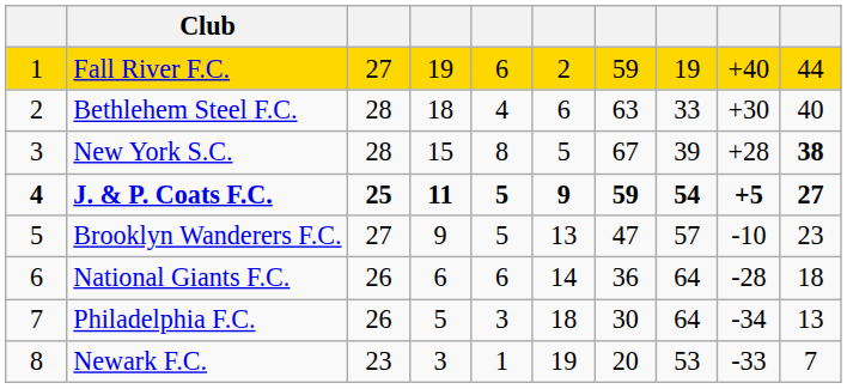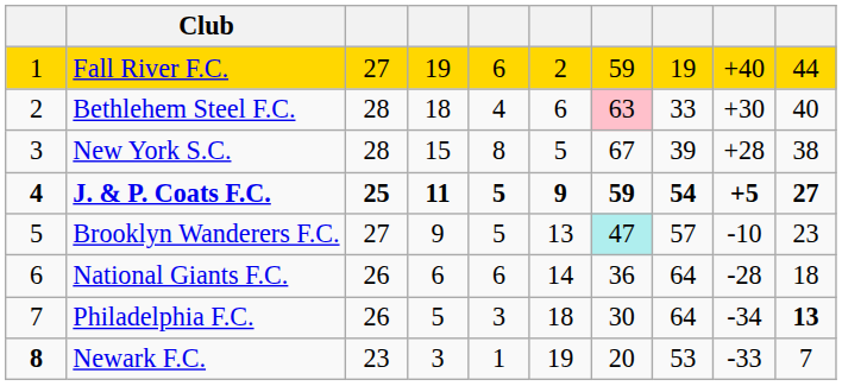 <table class="wikitable" style="text-align:center">
 <tr>
 <th width=30></th>
 <th>Club</th>
 <th width=30></th>
 <th width=30></th>
 <th width=30></th>
 <th width=30></th>
 <th width=30></th>
 <th width=30></th>
 <th width=30></th>
 <th width=30></th>
 </tr>
 <tr bgcolor="gold">
 <td>1</td>
 <td align=left><a href='#'>Fall River F.C.</a></td>
 <td>27</td>
 <td>19</td>
 <td>6</td>
 <td>2</td>
 <td>59</td>
 <td>19</td>
 <td>+40</td>
 <td>44</td>
 </tr>
 <tr>
 <td>2</td>
 <td align=left><a href='#'>Bethlehem Steel F.C.</a></td>
 <td>28</td>
 <td>18</td>
 <td>4</td>
 <td>6</td>
-<td>63</td>
+<td style="background: pink;">63</td>
 <td>33</td>
 <td>+30</td>
 <td>40</td>
 </tr>
 <tr>
 <td>3</td>
 <td align=left><a href='#'>New York S.C.</a></td>
 <td>28</td>
 <td>15</td>
 <td>8</td>
 <td>5</td>
 <td>67</td>
 <td>39</td>
 <td>+28</td>
-<td><strong>38</strong></td>
+<td>38</td>
 </tr>
 <tr>
 <td><strong>4</strong></td>
 <td align=left><strong><a href='#'>J. & P. Coats F.C.</a></strong></td>
 <td><strong>25</strong></td>
 <td><strong>11</strong></td>
 <td><strong>5</strong></td>
 <td><strong>9</strong></td>
 <td><strong>59</strong></td>
 <td><strong>54</strong></td>
 <td><strong>+5</strong></td>
 <td><strong>27</strong></td>
 </tr>
 <tr>
 <td>5</td>
 <td align=left><a href='#'>Brooklyn Wanderers F.C.</a></td>
 <td>27</td>
 <td>9</td>
 <td>5</td>
 <td>13</td>
-<td>47</td>
+<td style="background: paleturquoise;">47</td>
 <td>57</td>
 <td>-10</td>
 <td>23</td>
 </tr>
 <tr>
 <td>6</td>
 <td align=left><a href='#'>National Giants F.C.</a></td>
 <td>26</td>
 <td>6</td>
 <td>6</td>
 <td>14</td>
 <td>36</td>
 <td>64</td>
 <td>-28</td>
 <td>18</td>
 </tr>
 <tr>
 <td>7</td>
 <td align=left><a href='#'>Philadelphia F.C.</a></td>
 <td>26</td>
 <td>5</td>
 <td>3</td>
 <td>18</td>
 <td>30</td>
 <td>64</td>
 <td>-34</td>
-<td>13</td>
+<td><strong>13</strong></td>
 </tr>
 <tr>
-<td>8</td>
+<td><strong>8</strong></td>
 <td align=left><a href='#'>Newark F.C.</a></td>
 <td>23</td>
 <td>3</td>
 <td>1</td>
 <td>19</td>
 <td>20</td>
 <td>53</td>
 <td>-33</td>
 <td>7</td>
 </tr>
 </table>
